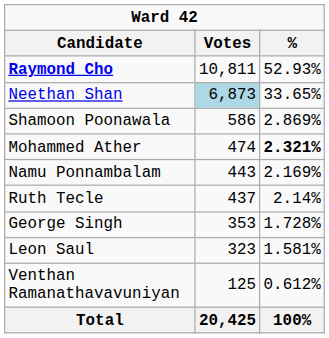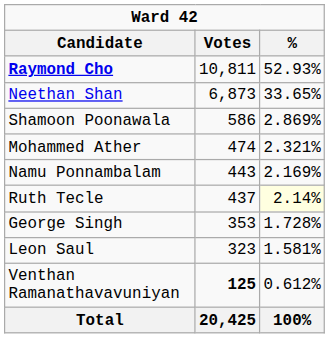 <table class="wikitable">
 <tr>
 <td Colspan="3" align="center"><strong>Ward 42</strong></td>
 </tr>
 <tr>
 <th bgcolor="#DDDDFF" width="150px">Candidate</th>
 <th bgcolor="#DDDDFF">Votes</th>
 <th bgcolor="#DDDDFF">%</th>
 </tr>
 <tr>
 <td><strong><a href='#'>Raymond Cho</a></strong></td>
 <td align=right>10,811</td>
 <td align=right>52.93%</td>
 </tr>
 <tr>
 <td><a href='#'>Neethan Shan</a></td>
-<td align=right style="background: lightblue;">6,873</td>
+<td align=right>6,873</td>
 <td align=right>33.65%</td>
 </tr>
 <tr>
 <td>Shamoon Poonawala</td>
 <td align=right>586</td>
 <td align=right>2.869%</td>
 </tr>
 <tr>
 <td>Mohammed Ather</td>
 <td align=right>474</td>
-<td align=right><strong>2.321%</strong></td>
+<td align=right>2.321%</td>
 </tr>
 <tr>
 <td>Namu Ponnambalam</td>
 <td align=right>443</td>
 <td align=right>2.169%</td>
 </tr>
 <tr>
 <td>Ruth Tecle</td>
 <td align=right>437</td>
-<td align=right>2.14%</td>
+<td align=right style="background: lightyellow;">2.14%</td>
 </tr>
 <tr>
 <td>George Singh</td>
 <td align=right>353</td>
 <td align=right>1.728%</td>
 </tr>
 <tr>
 <td>Leon Saul</td>
 <td align=right>323</td>
 <td align=right>1.581%</td>
 </tr>
 <tr>
 <td>Venthan Ramanathavavuniyan</td>
-<td align=right>125</td>
+<td align=right><strong>125</strong></td>
 <td align=right>0.612%</td>
 </tr>
 <tr>
 <th>Total</th>
 <th align=right>20,425</th>
 <th align=right>100%</th>
 </tr>
 </table>
